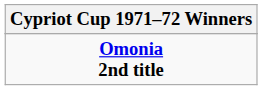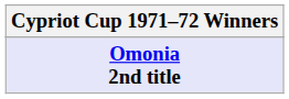 <table class="wikitable" style="text-align:center;margin: 0 auto;">
 <tr>
 <th>Cypriot Cup 1971–72 Winners</th>
 </tr>
 <tr>
 </tr>
 <tr>
-<td><strong><a href='#'>Omonia</a></strong><br><strong>2nd title</strong></td>
+<td style="background: lavender;"><strong><a href='#'>Omonia</a></strong><br><strong>2nd title</strong></td>
 </tr>
 </table>
